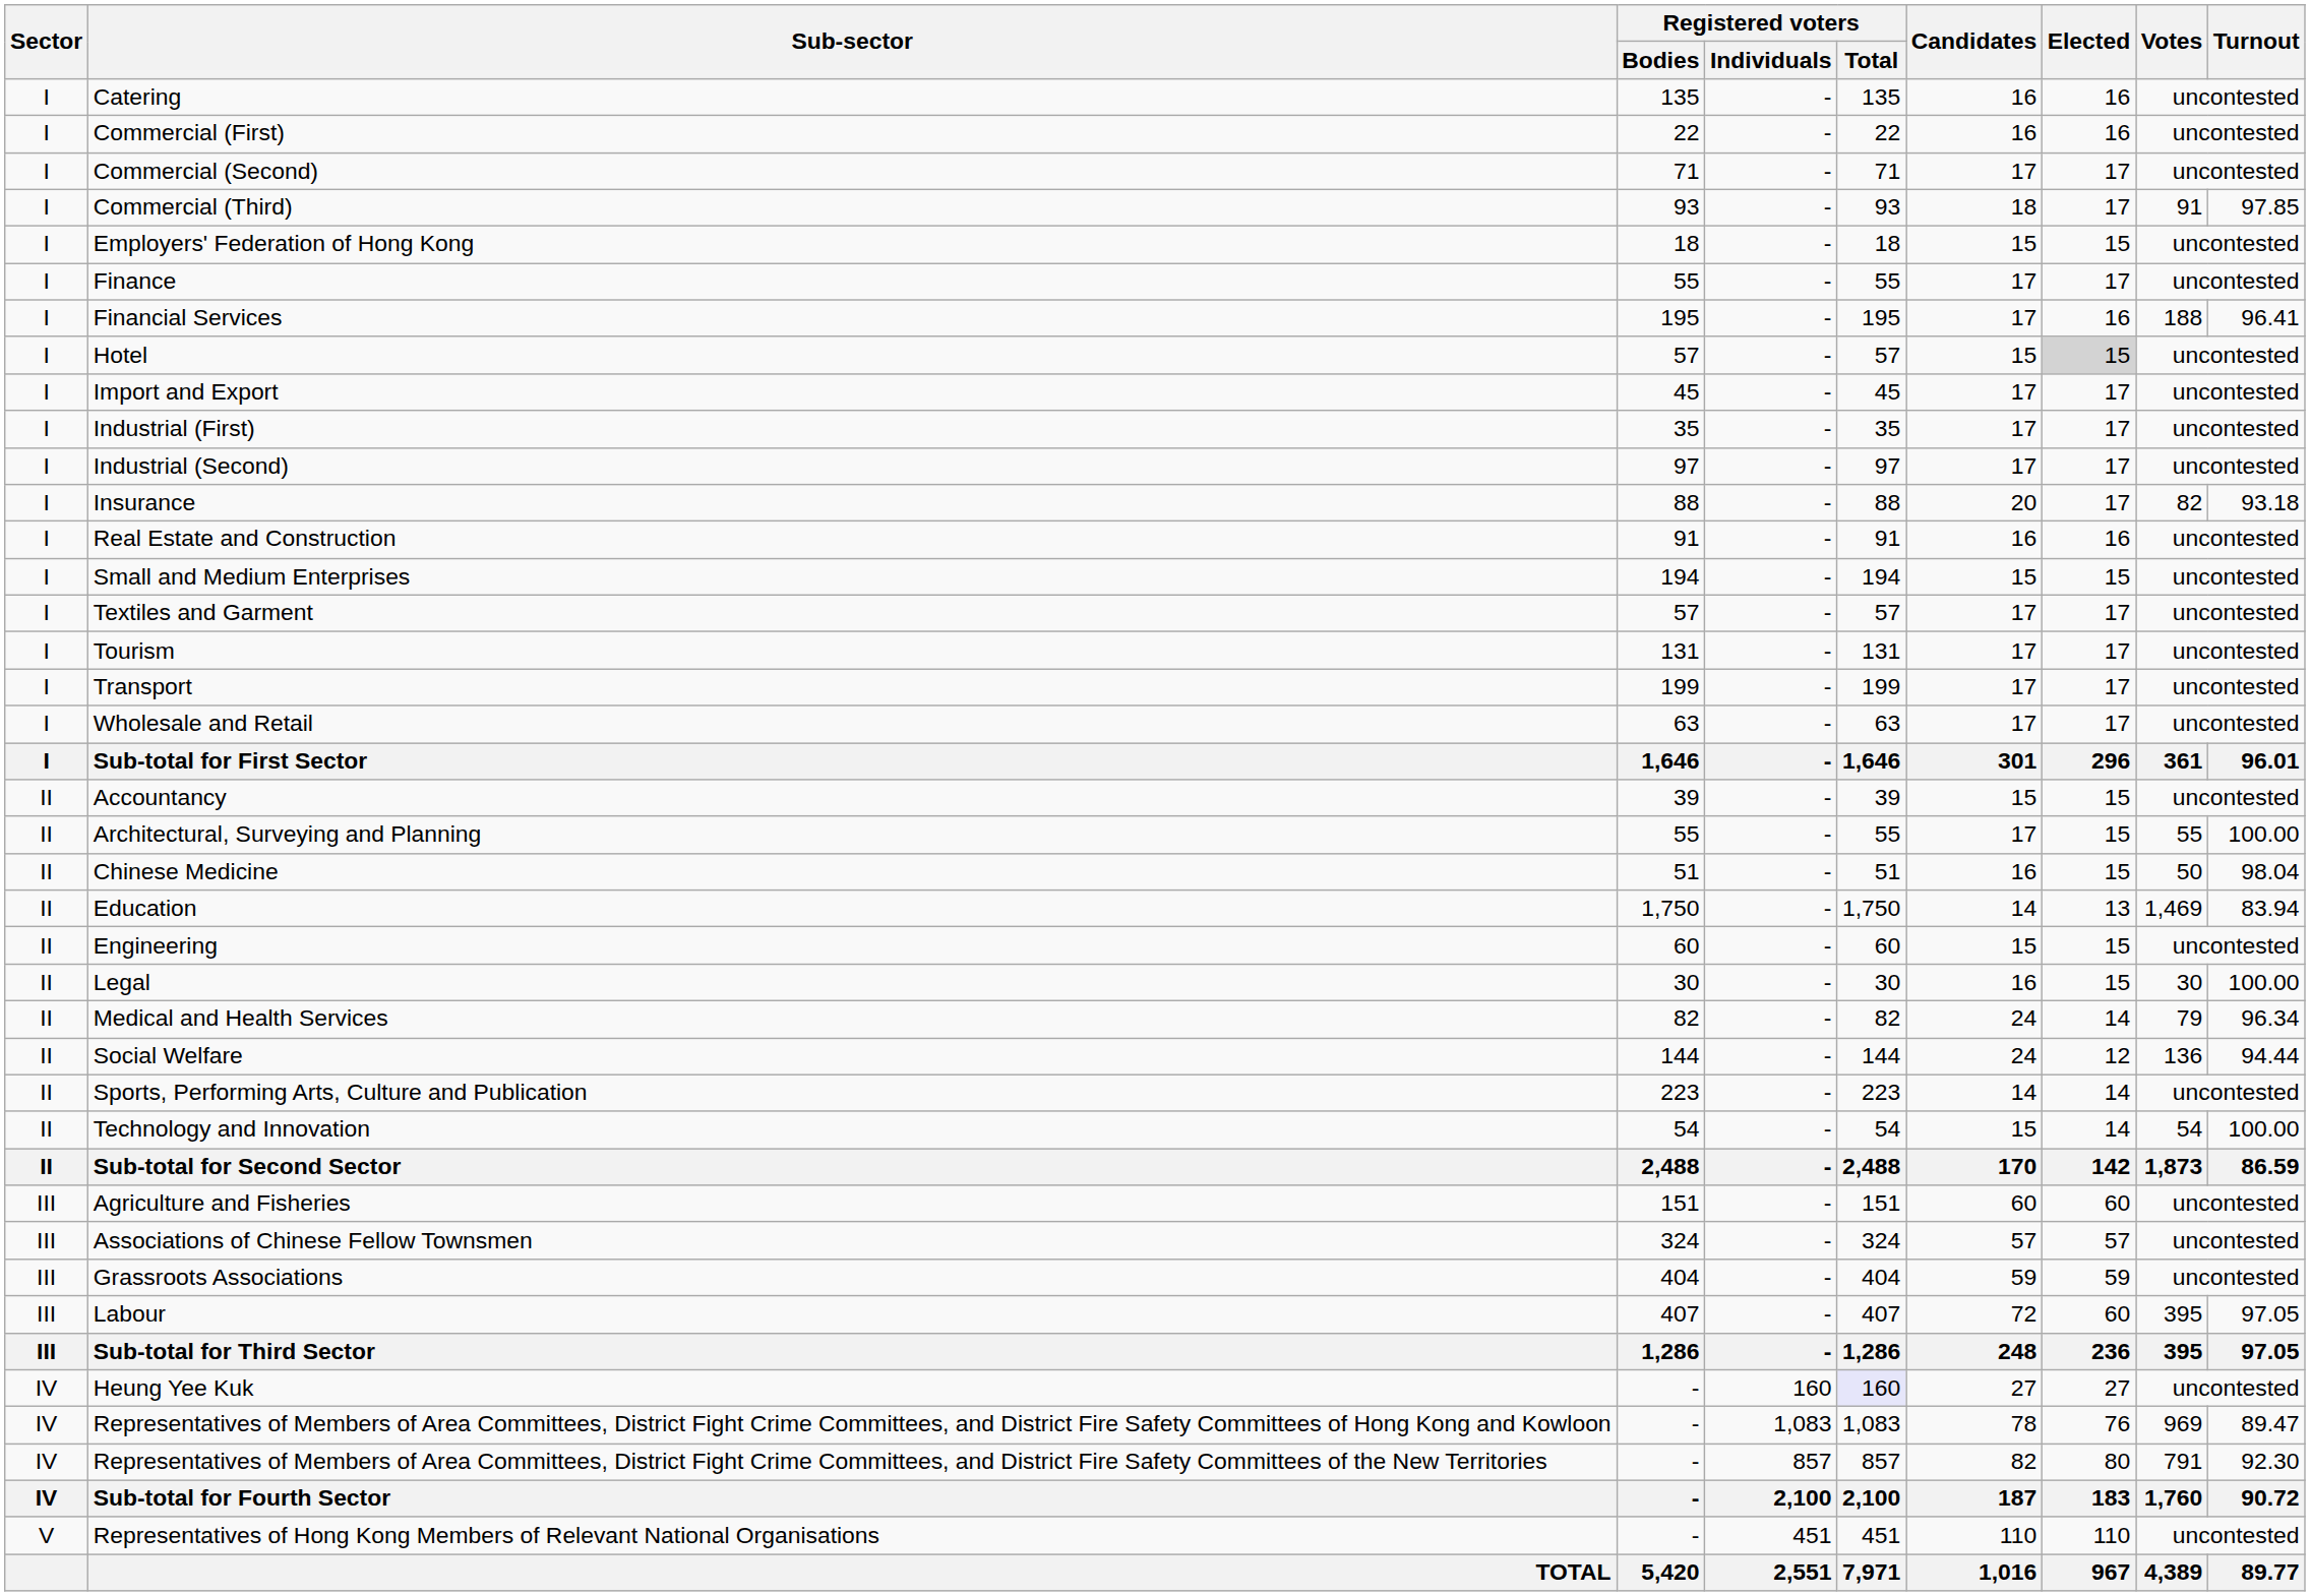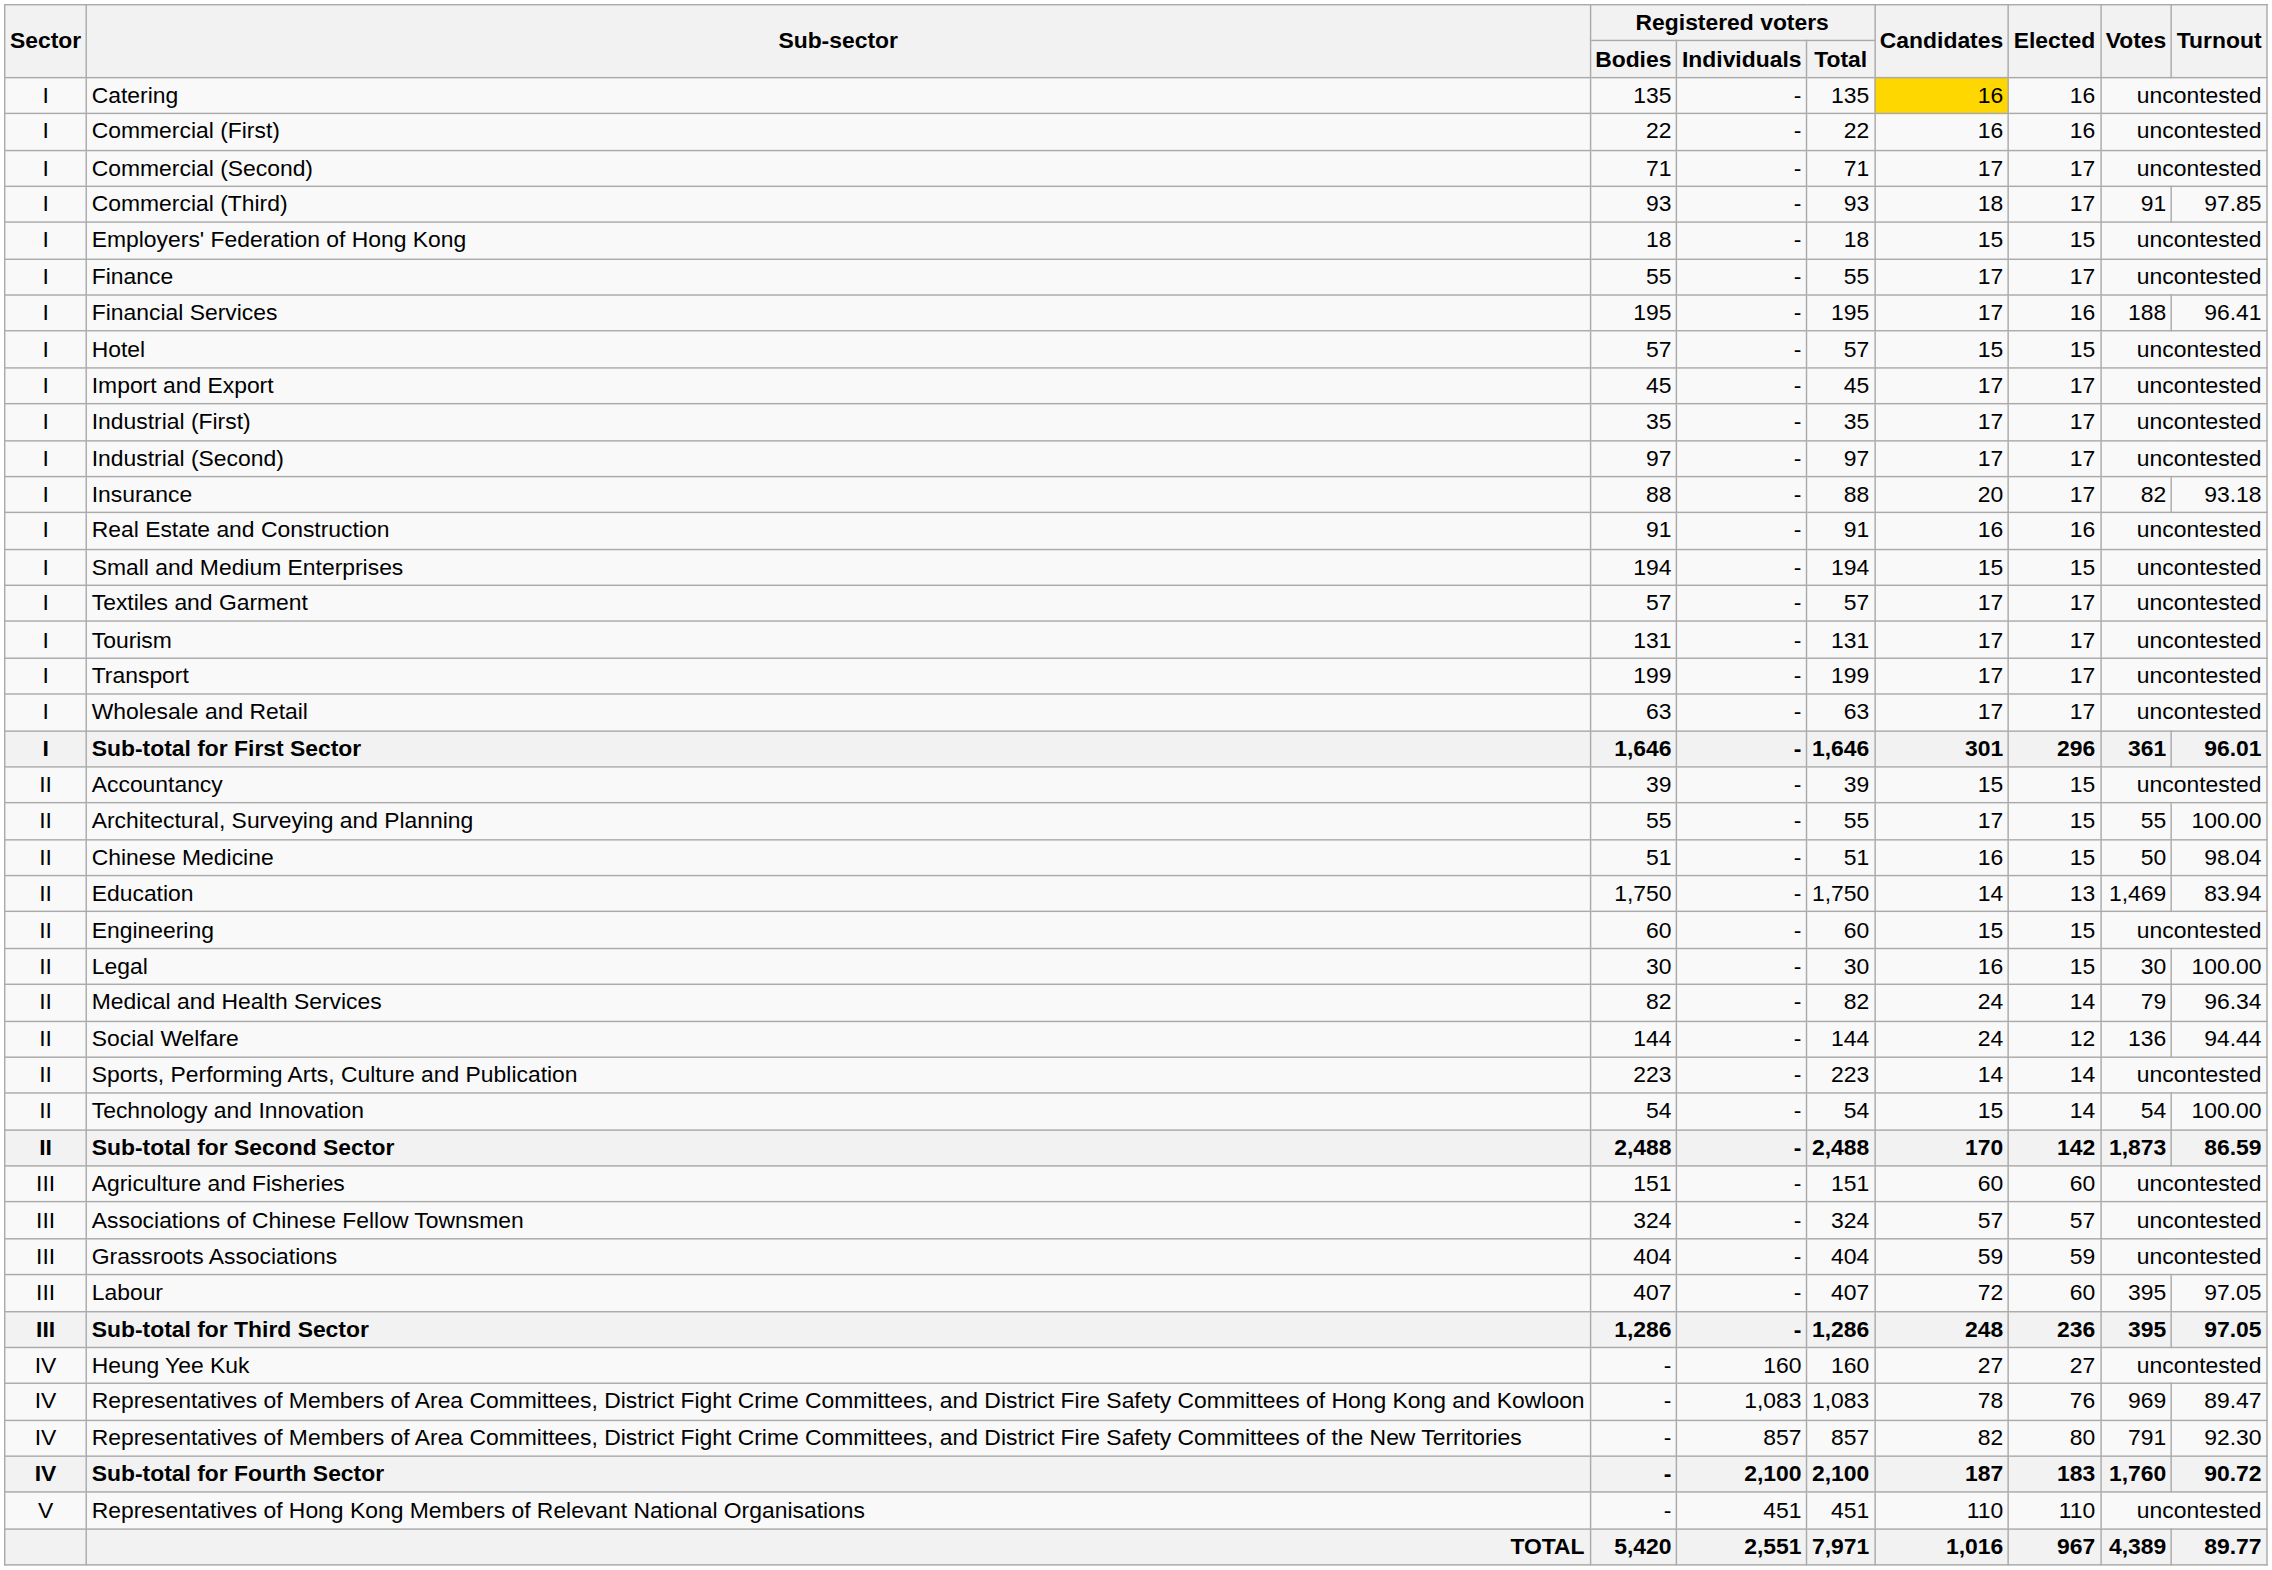 <table class="wikitable" style="text-align:right;">
 <tr>
 <th rowspan=2>Sector</th>
 <th rowspan=2>Sub-sector</th>
 <th colspan=3>Registered voters</th>
 <th rowspan=2>Candidates</th>
 <th rowspan=2>Elected</th>
 <th rowspan=2>Votes</th>
 <th rowspan=2>Turnout</th>
 </tr>
 <tr>
 <th>Bodies</th>
 <th>Individuals</th>
 <th>Total</th>
 </tr>
 <tr>
 <td align=center>I</td>
 <td align=left>Catering</td>
 <td>135</td>
 <td>-</td>
 <td>135</td>
-<td>16</td>
+<td style="background: gold;">16</td>
 <td>16</td>
 <td colspan=2>uncontested</td>
 </tr>
 <tr>
 <td align=center>I</td>
 <td align=left>Commercial (First)</td>
 <td>22</td>
 <td>-</td>
 <td>22</td>
 <td>16</td>
 <td>16</td>
 <td colspan=2>uncontested</td>
 </tr>
 <tr>
 <td align=center>I</td>
 <td align=left>Commercial (Second)</td>
 <td>71</td>
 <td>-</td>
 <td>71</td>
 <td>17</td>
 <td>17</td>
 <td colspan=2>uncontested</td>
 </tr>
 <tr>
 <td align=center>I</td>
 <td align=left>Commercial (Third)</td>
 <td>93</td>
 <td>-</td>
 <td>93</td>
 <td>18</td>
 <td>17</td>
 <td>91</td>
 <td>97.85</td>
 </tr>
 <tr>
 <td align=center>I</td>
 <td align=left>Employers' Federation of Hong Kong</td>
 <td>18</td>
 <td>-</td>
 <td>18</td>
 <td>15</td>
 <td>15</td>
 <td colspan=2>uncontested</td>
 </tr>
 <tr>
 <td align=center>I</td>
 <td align=left>Finance</td>
 <td>55</td>
 <td>-</td>
 <td>55</td>
 <td>17</td>
 <td>17</td>
 <td colspan=2>uncontested</td>
 </tr>
 <tr>
 <td align=center>I</td>
 <td align=left>Financial Services</td>
 <td>195</td>
 <td>-</td>
 <td>195</td>
 <td>17</td>
 <td>16</td>
 <td>188</td>
 <td>96.41</td>
 </tr>
 <tr>
 <td align=center>I</td>
 <td align=left>Hotel</td>
 <td>57</td>
 <td>-</td>
 <td>57</td>
 <td>15</td>
-<td style="background: lightgrey;">15</td>
+<td>15</td>
 <td colspan=2>uncontested</td>
 </tr>
 <tr>
 <td align=center>I</td>
 <td align=left>Import and Export</td>
 <td>45</td>
 <td>-</td>
 <td>45</td>
 <td>17</td>
 <td>17</td>
 <td colspan=2>uncontested</td>
 </tr>
 <tr>
 <td align=center>I</td>
 <td align=left>Industrial (First)</td>
 <td>35</td>
 <td>-</td>
 <td>35</td>
 <td>17</td>
 <td>17</td>
 <td colspan=2>uncontested</td>
 </tr>
 <tr>
 <td align=center>I</td>
 <td align=left>Industrial (Second)</td>
 <td>97</td>
 <td>-</td>
 <td>97</td>
 <td>17</td>
 <td>17</td>
 <td colspan=2>uncontested</td>
 </tr>
 <tr>
 <td align=center>I</td>
 <td align=left>Insurance</td>
 <td>88</td>
 <td>-</td>
 <td>88</td>
 <td>20</td>
 <td>17</td>
 <td>82</td>
 <td>93.18</td>
 </tr>
 <tr>
 <td align=center>I</td>
 <td align=left>Real Estate and Construction</td>
 <td>91</td>
 <td>-</td>
 <td>91</td>
 <td>16</td>
 <td>16</td>
 <td colspan=2>uncontested</td>
 </tr>
 <tr>
 <td align=center>I</td>
 <td align=left>Small and Medium Enterprises</td>
 <td>194</td>
 <td>-</td>
 <td>194</td>
 <td>15</td>
 <td>15</td>
 <td colspan=2>uncontested</td>
 </tr>
 <tr>
 <td align=center>I</td>
 <td align=left>Textiles and Garment</td>
 <td>57</td>
 <td>-</td>
 <td>57</td>
 <td>17</td>
 <td>17</td>
 <td colspan=2>uncontested</td>
 </tr>
 <tr>
 <td align=center>I</td>
 <td align=left>Tourism</td>
 <td>131</td>
 <td>-</td>
 <td>131</td>
 <td>17</td>
 <td>17</td>
 <td colspan=2>uncontested</td>
 </tr>
 <tr>
 <td align=center>I</td>
 <td align=left>Transport</td>
 <td>199</td>
 <td>-</td>
 <td>199</td>
 <td>17</td>
 <td>17</td>
 <td colspan=2>uncontested</td>
 </tr>
 <tr>
 <td align=center>I</td>
 <td align=left>Wholesale and Retail</td>
 <td>63</td>
 <td>-</td>
 <td>63</td>
 <td>17</td>
 <td>17</td>
 <td colspan=2>uncontested</td>
 </tr>
 <tr bgcolor="F2F2F2">
 <td align=center><strong>I</strong></td>
 <td align=left><strong>Sub-total for First Sector</strong></td>
 <td><strong>1,646</strong></td>
 <td><strong>-</strong></td>
 <td><strong>1,646</strong></td>
 <td><strong>301</strong></td>
 <td><strong>296</strong></td>
 <td><strong>361</strong></td>
 <td><strong>96.01</strong></td>
 </tr>
 <tr>
 <td align=center>II</td>
 <td align=left>Accountancy</td>
 <td>39</td>
 <td>-</td>
 <td>39</td>
 <td>15</td>
 <td>15</td>
 <td colspan=2>uncontested</td>
 </tr>
 <tr>
 <td align=center>II</td>
 <td align=left>Architectural, Surveying and Planning</td>
 <td>55</td>
 <td>-</td>
 <td>55</td>
 <td>17</td>
 <td>15</td>
 <td>55</td>
 <td>100.00</td>
 </tr>
 <tr>
 <td align=center>II</td>
 <td align=left>Chinese Medicine</td>
 <td>51</td>
 <td>-</td>
 <td>51</td>
 <td>16</td>
 <td>15</td>
 <td>50</td>
 <td>98.04</td>
 </tr>
 <tr>
 <td align=center>II</td>
 <td align=left>Education</td>
 <td>1,750</td>
 <td>-</td>
 <td>1,750</td>
 <td>14</td>
 <td>13</td>
 <td>1,469</td>
 <td>83.94</td>
 </tr>
 <tr>
 <td align=center>II</td>
 <td align=left>Engineering</td>
 <td>60</td>
 <td>-</td>
 <td>60</td>
 <td>15</td>
 <td>15</td>
 <td colspan="2">uncontested</td>
 </tr>
 <tr>
 <td align=center>II</td>
 <td align=left>Legal</td>
 <td>30</td>
 <td>-</td>
 <td>30</td>
 <td>16</td>
 <td>15</td>
 <td>30</td>
 <td>100.00</td>
 </tr>
 <tr>
 <td align=center>II</td>
 <td align=left>Medical and Health Services</td>
 <td>82</td>
 <td>-</td>
 <td>82</td>
 <td>24</td>
 <td>14</td>
 <td>79</td>
 <td>96.34</td>
 </tr>
 <tr>
 <td align=center>II</td>
 <td align=left>Social Welfare</td>
 <td>144</td>
 <td>-</td>
 <td>144</td>
 <td>24</td>
 <td>12</td>
 <td>136</td>
 <td>94.44</td>
 </tr>
 <tr>
 <td align=center>II</td>
 <td align=left>Sports, Performing Arts, Culture and Publication</td>
 <td>223</td>
 <td>-</td>
 <td>223</td>
 <td>14</td>
 <td>14</td>
 <td colspan="2">uncontested</td>
 </tr>
 <tr>
 <td align=center>II</td>
 <td align=left>Technology and Innovation</td>
 <td>54</td>
 <td>-</td>
 <td>54</td>
 <td>15</td>
 <td>14</td>
 <td>54</td>
 <td>100.00</td>
 </tr>
 <tr bgcolor="F2F2F2">
 <td align=center><strong>II</strong></td>
 <td align=left><strong>Sub-total for Second Sector</strong></td>
 <td><strong>2,488</strong></td>
 <td><strong>-</strong></td>
 <td><strong>2,488</strong></td>
 <td><strong>170</strong></td>
 <td><strong>142</strong></td>
 <td><strong>1,873</strong></td>
 <td><strong>86.59</strong></td>
 </tr>
 <tr>
 <td align=center>III</td>
 <td align=left>Agriculture and Fisheries</td>
 <td>151</td>
 <td>-</td>
 <td>151</td>
 <td>60</td>
 <td>60</td>
 <td colspan=2>uncontested</td>
 </tr>
 <tr>
 <td align=center>III</td>
 <td align=left>Associations of Chinese Fellow Townsmen</td>
 <td>324</td>
 <td>-</td>
 <td>324</td>
 <td>57</td>
 <td>57</td>
 <td colspan=2>uncontested</td>
 </tr>
 <tr>
 <td align=center>III</td>
 <td align=left>Grassroots Associations</td>
 <td>404</td>
 <td>-</td>
 <td>404</td>
 <td>59</td>
 <td>59</td>
 <td colspan=2>uncontested</td>
 </tr>
 <tr>
 <td align=center>III</td>
 <td align=left>Labour</td>
 <td>407</td>
 <td>-</td>
 <td>407</td>
 <td>72</td>
 <td>60</td>
 <td>395</td>
 <td>97.05</td>
 </tr>
 <tr bgcolor="F2F2F2">
 <td align=center><strong>III</strong></td>
 <td align=left><strong>Sub-total for Third Sector</strong></td>
 <td><strong>1,286</strong></td>
 <td><strong>-</strong></td>
 <td><strong>1,286</strong></td>
 <td><strong>248</strong></td>
 <td><strong>236</strong></td>
 <td><strong>395</strong></td>
 <td><strong>97.05</strong></td>
 </tr>
 <tr>
 <td align=center>IV</td>
 <td align=left>Heung Yee Kuk</td>
 <td>-</td>
 <td>160</td>
-<td style="background: lavender;">160</td>
+<td>160</td>
 <td>27</td>
 <td>27</td>
 <td colspan=2>uncontested</td>
 </tr>
 <tr>
 <td align=center>IV</td>
 <td align=left>Representatives of Members of Area Committees, District Fight Crime Committees, and District Fire Safety Committees of Hong Kong and Kowloon</td>
 <td>-</td>
 <td>1,083</td>
 <td>1,083</td>
 <td>78</td>
 <td>76</td>
 <td>969</td>
 <td>89.47</td>
 </tr>
 <tr>
 <td align=center>IV</td>
 <td align=left>Representatives of Members of Area Committees, District Fight Crime Committees, and District Fire Safety Committees of the New Territories</td>
 <td>-</td>
 <td>857</td>
 <td>857</td>
 <td>82</td>
 <td>80</td>
 <td>791</td>
 <td>92.30</td>
 </tr>
 <tr bgcolor="F2F2F2">
 <td align=center><strong>IV</strong></td>
 <td align=left><strong>Sub-total for Fourth Sector</strong></td>
 <td><strong>-</strong></td>
 <td><strong>2,100</strong></td>
 <td><strong>2,100</strong></td>
 <td><strong>187</strong></td>
 <td><strong>183</strong></td>
 <td><strong>1,760</strong></td>
 <td><strong>90.72</strong></td>
 </tr>
 <tr>
 <td align=center>V</td>
 <td align=left>Representatives of Hong Kong Members of Relevant National Organisations</td>
 <td>-</td>
 <td>451</td>
 <td>451</td>
 <td>110</td>
 <td>110</td>
 <td colspan=2>uncontested</td>
 </tr>
 <tr bgcolor="F2F2F2">
 <td></td>
 <td><strong>TOTAL</strong></td>
 <td><strong>5,420</strong></td>
 <td><strong>2,551</strong></td>
 <td><strong>7,971</strong></td>
 <td><strong>1,016</strong></td>
 <td><strong>967</strong></td>
 <td><strong>4,389</strong></td>
 <td><strong>89.77</strong></td>
 </tr>
 </table>
